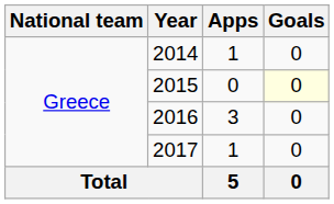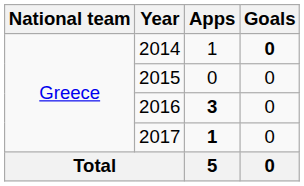 <table class="wikitable" style="text-align: center;">
 <tr>
 <th>National team</th>
 <th>Year</th>
 <th>Apps</th>
 <th>Goals</th>
 </tr>
 <tr>
 <td rowspan=4><a href='#'>Greece</a></td>
 <td>2014</td>
 <td>1</td>
-<td>0</td>
+<td><strong>0</strong></td>
 </tr>
 <tr>
 <td>2015</td>
 <td>0</td>
-<td style="background: lightyellow;">0</td>
+<td>0</td>
 </tr>
 <tr>
 <td>2016</td>
-<td>3</td>
+<td><strong>3</strong></td>
 <td>0</td>
 </tr>
 <tr>
 <td>2017</td>
-<td>1</td>
+<td><strong>1</strong></td>
 <td>0</td>
 </tr>
 <tr>
 <th colspan=2>Total</th>
 <th>5</th>
 <th>0</th>
 </tr>
 </table>
